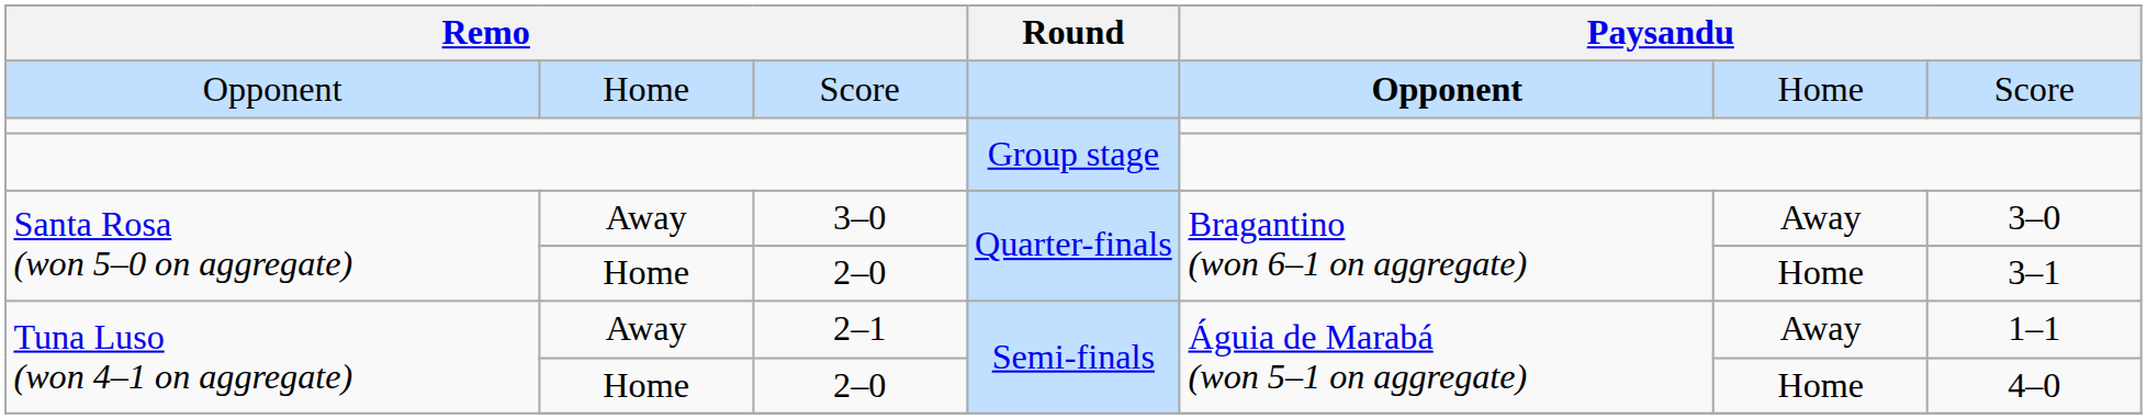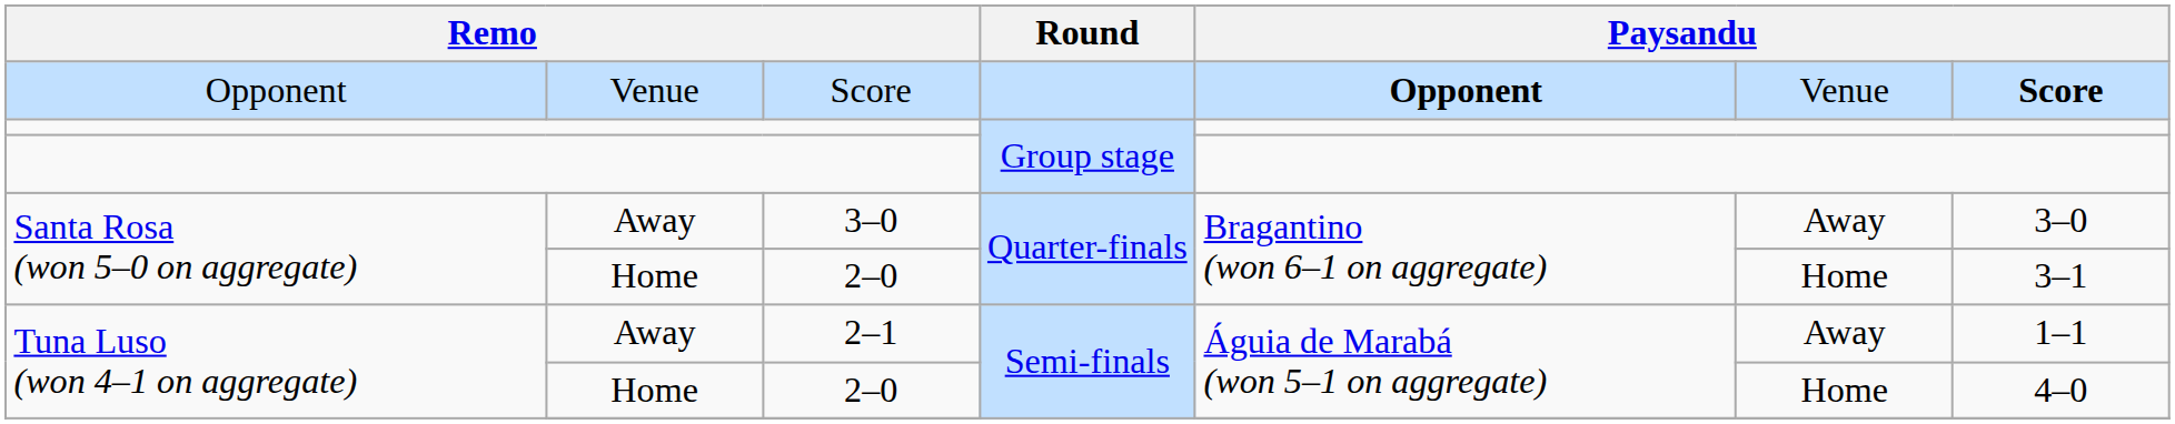 <table class="wikitable" style="text-align: center;">
 <tr>
 <th colspan=3><a href='#'>Remo</a></th>
 <th>Round</th>
 <th colspan=3><a href='#'>Paysandu</a></th>
 </tr>
 <tr bgcolor=#c1e0ff>
 <td width=25%>Opponent</td>
-<td>Home</td>
+<td width=10%>Venue</td>
 <td width=10%>Score</td>
 <td width=10%></td>
 <td width=25%><strong>Opponent</strong></td>
-<td>Home</td>
-<td width=10%>Score</td>
+<td width=10%>Venue</td>
+<td width=10%><strong>Score</strong></td>
 </tr>
 <tr>
 <td colspan=3></td>
 <td rowspan=2 bgcolor=#c1e0ff><a href='#'>Group stage</a></td>
 <td colspan=3></td>
 </tr>
 <tr>
 <td colspan=3 align=center valign=top><br></td>
 <td colspan=3 align=center valign=top><br></td>
 </tr>
 <tr>
 <td rowspan=2 align=left><a href='#'>Santa Rosa</a><br><em>(won 5–0 on aggregate)</em></td>
 <td>Away</td>
 <td>3–0</td>
 <td rowspan=2 bgcolor=#c1e0ff><a href='#'>Quarter-finals</a></td>
 <td rowspan=2 align=left><a href='#'>Bragantino</a><br><em>(won 6–1 on aggregate)</em></td>
 <td>Away</td>
 <td>3–0</td>
 </tr>
 <tr>
 <td>Home</td>
 <td>2–0</td>
 <td>Home</td>
 <td>3–1</td>
 </tr>
 <tr>
 <td rowspan=3 align=left><a href='#'>Tuna Luso</a><br><em>(won 4–1 on aggregate)</em></td>
 <td>Away</td>
 <td>2–1</td>
 <td rowspan=3 bgcolor=#c1e0ff><a href='#'>Semi-finals</a></td>
 <td rowspan=2 align=left><a href='#'>Águia de Marabá</a><br><em>(won 5–1 on aggregate)</em></td>
 <td>Away</td>
 <td>1–1</td>
 </tr>
 <tr>
 <td>Home</td>
 <td>2–0</td>
 <td>Home</td>
 <td>4–0</td>
 </tr>
 <tr>
 </tr>
 </table>
